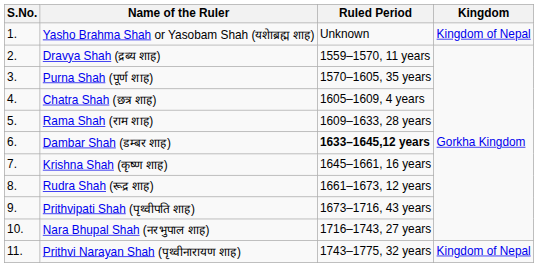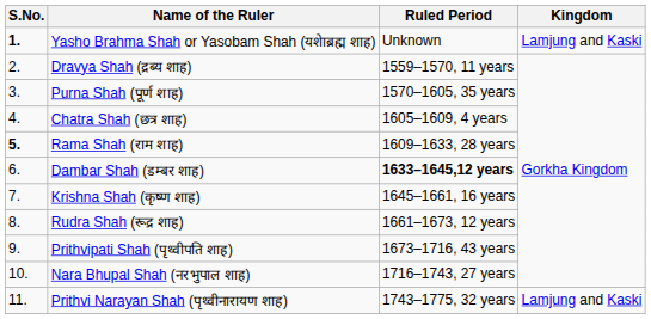 <table class="wikitable">
 <tr>
 <th>S.No.</th>
 <th>Name of the Ruler</th>
 <th>Ruled Period</th>
 <th>Kingdom</th>
 </tr>
 <tr>
-<td>1.</td>
+<td><strong>1.</strong></td>
 <td><a href='#'>Yasho Brahma Shah</a> or Yasobam Shah (यशेाब्रह्म शाह)</td>
 <td>Unknown</td>
-<td><a href='#'>Kingdom of Nepal</a></td>
+<td><a href='#'>Lamjung</a> and <a href='#'>Kaski</a></td>
 </tr>
 <tr>
 <td>2.</td>
 <td><a href='#'>Dravya Shah</a> (द्रब्य शाह)</td>
 <td>1559–⁠1570, 11 years</td>
 <td rowspan="9"><a href='#'>Gorkha Kingdom</a></td>
 </tr>
 <tr>
 <td>3.</td>
 <td><a href='#'>Purna Shah</a> (पूर्ण शाह)</td>
 <td>1570–⁠1605, 35 years</td>
 </tr>
 <tr>
 <td>4.</td>
 <td><a href='#'>Chatra Shah</a> (छत्र शाह)</td>
 <td>1605–⁠1609, 4 years</td>
 </tr>
 <tr>
-<td>5.</td>
+<td><strong>5.</strong></td>
 <td><a href='#'>Rama Shah</a> (राम शाह)</td>
 <td>1609–⁠1633, 28 years</td>
 </tr>
 <tr>
 <td>6.</td>
 <td><a href='#'>Dambar Shah</a> (डम्बर शाह)</td>
 <td><strong>1633–⁠1645,12 years</strong></td>
 </tr>
 <tr>
 <td>7.</td>
 <td><a href='#'>Krishna Shah</a> (कृष्ण शाह)</td>
 <td>1645–⁠1661, 16 years</td>
 </tr>
 <tr>
 <td>8.</td>
 <td><a href='#'>Rudra Shah</a> (रूद्र शाह)</td>
 <td>1661–⁠1673, 12 years</td>
 </tr>
 <tr>
 <td>9.</td>
 <td><a href='#'>Prithvipati Shah</a> (पृथ्वीपति शाह)</td>
 <td>1673–⁠1716, 43 years</td>
 </tr>
 <tr>
 <td>10.</td>
 <td><a href='#'>Nara Bhupal Shah</a> (नरभुपाल शाह)</td>
 <td>1716–⁠1743, 27 years</td>
 </tr>
 <tr>
 <td>11.</td>
 <td><a href='#'>Prithvi Narayan Shah</a> (पृथ्वीनारायण शाह)</td>
 <td>1743–⁠1775, 32 years</td>
-<td><a href='#'>Kingdom of Nepal</a></td>
+<td><a href='#'>Lamjung</a> and <a href='#'>Kaski</a></td>
 </tr>
 </table>
